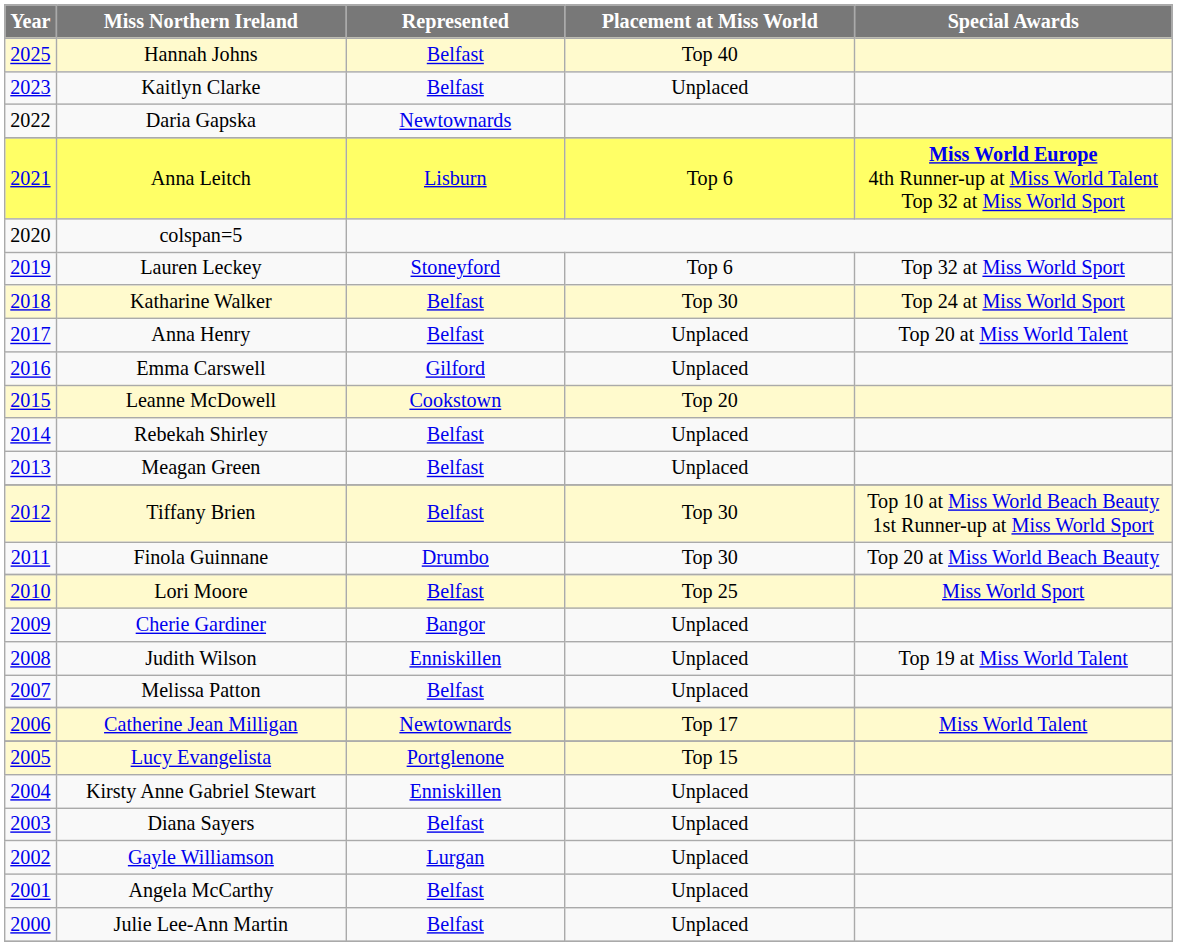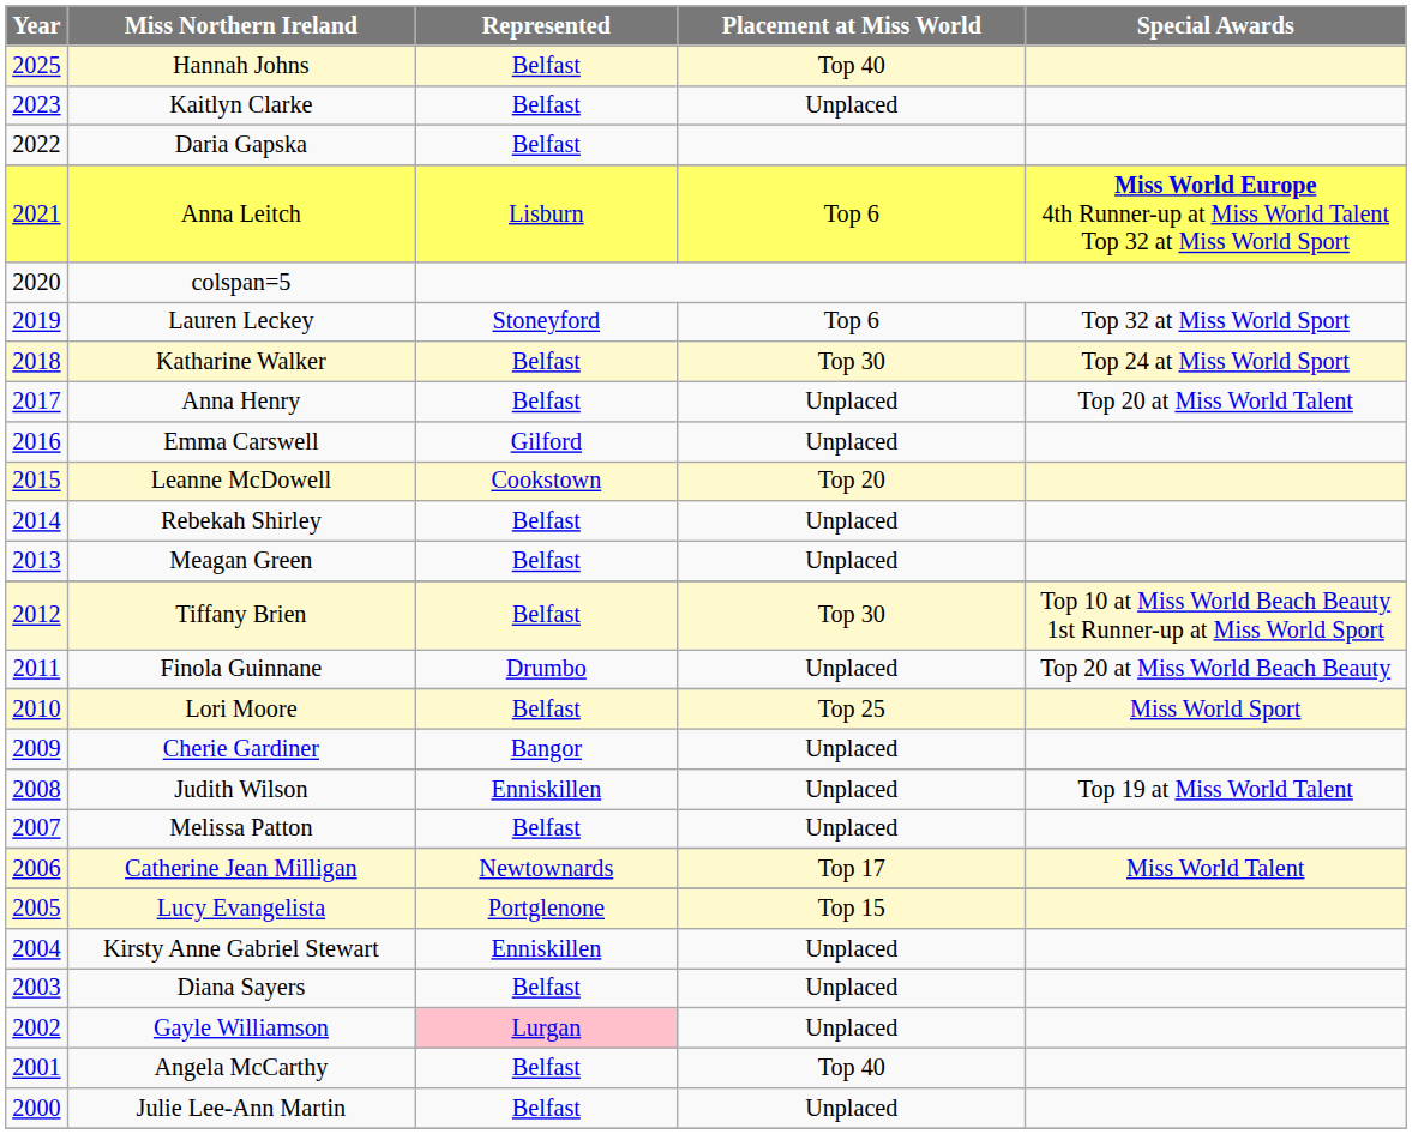 <table class="wikitable sortable" style="font-size: 90%; text-align:center">
 <tr>
 <th width="30" style="background-color:#787878;color:#FFFFFF;">Year</th>
 <th width="200" style="background-color:#787878;color:#FFFFFF;">Miss Northern Ireland</th>
 <th width="150" style="background-color:#787878;color:#FFFFFF;">Represented</th>
 <th width="200" style="background-color:#787878;color:#FFFFFF;">Placement at Miss World</th>
 <th width="220" style="background-color:#787878;color:#FFFFFF;">Special Awards</th>
 </tr>
 <tr style="background-color:#FFFACD;">
 <td><a href='#'>2025</a></td>
 <td>Hannah Johns</td>
 <td><a href='#'>Belfast</a></td>
 <td>Top 40</td>
 <td></td>
 </tr>
 <tr>
 <td><a href='#'>2023</a></td>
 <td>Kaitlyn Clarke</td>
 <td><a href='#'>Belfast</a></td>
 <td>Unplaced</td>
 <td></td>
 </tr>
 <tr>
 <td>2022</td>
 <td>Daria Gapska</td>
-<td><a href='#'>Newtownards</a></td>
+<td><a href='#'>Belfast</a></td>
 <td></td>
 <td></td>
 </tr>
 <tr>
 </tr>
 <tr style="background-color:#FFFF66">
 <td><a href='#'>2021</a></td>
 <td>Anna Leitch</td>
 <td><a href='#'>Lisburn</a></td>
 <td>Top 6</td>
 <td><strong><a href='#'>Miss World Europe</a></strong><br> 4th Runner-up at <a href='#'>Miss World Talent</a><br> Top 32 at <a href='#'>Miss World Sport</a></td>
 </tr>
 <tr>
 <td>2020</td>
 <td>colspan=5 </td>
 </tr>
 <tr>
 <td><a href='#'>2019</a></td>
 <td>Lauren Leckey</td>
 <td><a href='#'>Stoneyford</a></td>
 <td>Top 6</td>
 <td>Top 32 at <a href='#'>Miss World Sport</a></td>
 </tr>
 <tr style="background-color:#FFFACD;">
 <td><a href='#'>2018</a></td>
 <td>Katharine Walker</td>
 <td><a href='#'>Belfast</a></td>
 <td>Top 30</td>
 <td>Top 24 at <a href='#'>Miss World Sport</a></td>
 </tr>
 <tr>
 <td><a href='#'>2017</a></td>
 <td>Anna Henry</td>
 <td><a href='#'>Belfast</a></td>
 <td>Unplaced</td>
 <td>Top 20 at <a href='#'>Miss World Talent</a></td>
 </tr>
 <tr>
 <td><a href='#'>2016</a></td>
 <td>Emma Carswell </td>
 <td><a href='#'>Gilford</a></td>
 <td>Unplaced</td>
 <td></td>
 </tr>
 <tr style="background-color:#FFFACD;">
 <td><a href='#'>2015</a></td>
 <td>Leanne McDowell</td>
 <td><a href='#'>Cookstown</a></td>
 <td>Top 20</td>
 <td></td>
 </tr>
 <tr>
 <td><a href='#'>2014</a></td>
 <td>Rebekah Shirley</td>
 <td><a href='#'>Belfast</a></td>
 <td>Unplaced</td>
 <td></td>
 </tr>
 <tr>
 <td><a href='#'>2013</a></td>
 <td>Meagan Green</td>
 <td><a href='#'>Belfast</a></td>
 <td>Unplaced</td>
 <td></td>
 </tr>
 <tr>
 </tr>
 <tr style="background-color:#FFFACD;">
 <td><a href='#'>2012</a></td>
 <td>Tiffany Brien</td>
 <td><a href='#'>Belfast</a></td>
 <td>Top 30</td>
 <td>Top 10 at <a href='#'>Miss World Beach Beauty</a> <br> 1st Runner-up at <a href='#'>Miss World Sport</a></td>
 </tr>
 <tr>
 <td><a href='#'>2011</a></td>
 <td>Finola Guinnane</td>
 <td><a href='#'>Drumbo</a></td>
-<td>Top 30</td>
+<td>Unplaced</td>
 <td>Top 20 at <a href='#'>Miss World Beach Beauty</a></td>
 </tr>
 <tr>
 </tr>
 <tr style="background-color:#FFFACD; ">
 <td><a href='#'>2010</a></td>
 <td>Lori Moore</td>
 <td><a href='#'>Belfast</a></td>
 <td>Top 25</td>
 <td><a href='#'>Miss World Sport</a></td>
 </tr>
 <tr>
 <td><a href='#'>2009</a></td>
 <td><a href='#'>Cherie Gardiner</a></td>
 <td><a href='#'>Bangor</a></td>
 <td>Unplaced</td>
 <td></td>
 </tr>
 <tr>
 <td><a href='#'>2008</a></td>
 <td>Judith Wilson</td>
 <td><a href='#'>Enniskillen</a></td>
 <td>Unplaced</td>
 <td>Top 19 at <a href='#'>Miss World Talent</a></td>
 </tr>
 <tr>
 <td><a href='#'>2007</a></td>
 <td>Melissa Patton</td>
 <td><a href='#'>Belfast</a></td>
 <td>Unplaced</td>
 <td></td>
 </tr>
 <tr>
 </tr>
 <tr style="background-color:#FFFACD;">
 <td><a href='#'>2006</a></td>
 <td><a href='#'>Catherine Jean Milligan</a></td>
 <td><a href='#'>Newtownards</a></td>
 <td>Top 17</td>
 <td><a href='#'>Miss World Talent</a></td>
 </tr>
 <tr>
 </tr>
 <tr style="background-color:#FFFACD;">
 <td><a href='#'>2005</a></td>
 <td><a href='#'>Lucy Evangelista</a></td>
 <td><a href='#'>Portglenone</a></td>
 <td>Top 15</td>
 <td></td>
 </tr>
 <tr>
 <td><a href='#'>2004</a></td>
 <td>Kirsty Anne Gabriel Stewart</td>
 <td><a href='#'>Enniskillen</a></td>
 <td>Unplaced</td>
 <td></td>
 </tr>
 <tr>
 <td><a href='#'>2003</a></td>
 <td>Diana Sayers</td>
 <td><a href='#'>Belfast</a></td>
 <td>Unplaced</td>
 <td></td>
 </tr>
 <tr>
 <td><a href='#'>2002</a></td>
 <td><a href='#'>Gayle Williamson</a></td>
-<td><a href='#'>Lurgan</a></td>
+<td style="background: pink;"><a href='#'>Lurgan</a></td>
 <td>Unplaced</td>
 <td></td>
 </tr>
 <tr>
 <td><a href='#'>2001</a></td>
 <td>Angela McCarthy</td>
 <td><a href='#'>Belfast</a></td>
-<td>Unplaced</td>
+<td>Top 40</td>
 <td></td>
 </tr>
 <tr>
 <td><a href='#'>2000</a></td>
 <td>Julie Lee-Ann Martin</td>
 <td><a href='#'>Belfast</a></td>
 <td>Unplaced</td>
 <td></td>
 </tr>
 <tr>
 </tr>
 </table>
